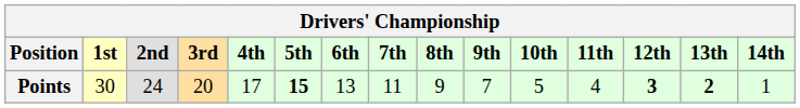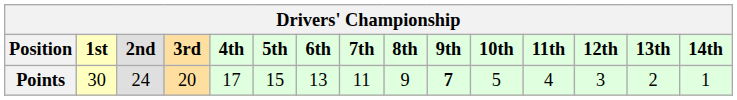 <table class="wikitable" style="font-size:85%; text-align:center">
 <tr>
 <th colspan="15">Drivers' Championship</th>
 </tr>
 <tr>
 <th>Position</th>
 <td style="background:#ffffbf;"> <strong>1st</strong> </td>
 <td style="background:#dfdfdf;"> <strong>2nd</strong> </td>
 <td style="background:#ffdf9f;"> <strong>3rd</strong> </td>
 <td style="background:#dfffdf;"> <strong>4th</strong> </td>
 <td style="background:#dfffdf;"> <strong>5th</strong> </td>
 <td style="background:#dfffdf;"> <strong>6th</strong> </td>
 <td style="background:#dfffdf;"> <strong>7th</strong> </td>
 <td style="background:#dfffdf;"> <strong>8th</strong> </td>
 <td style="background:#dfffdf;"> <strong>9th</strong> </td>
 <td style="background:#dfffdf;"> <strong>10th</strong> </td>
 <td style="background:#dfffdf;"> <strong>11th</strong> </td>
 <td style="background:#dfffdf;"> <strong>12th</strong> </td>
 <td style="background:#dfffdf;"> <strong>13th</strong> </td>
 <td style="background:#dfffdf;"> <strong>14th</strong> </td>
 </tr>
 <tr>
 <th>Points</th>
 <td style="background:#ffffbf;">30</td>
 <td style="background:#dfdfdf;">24</td>
 <td style="background:#ffdf9f;">20</td>
 <td style="background:#dfffdf;">17</td>
-<td style="background:#dfffdf;"><strong>15</strong></td>
+<td style="background:#dfffdf;">15</td>
 <td style="background:#dfffdf;">13</td>
 <td style="background:#dfffdf;">11</td>
 <td style="background:#dfffdf;">9</td>
-<td style="background:#dfffdf;">7</td>
+<td style="background:#dfffdf;"><strong>7</strong></td>
 <td style="background:#dfffdf;">5</td>
 <td style="background:#dfffdf;">4</td>
-<td style="background:#dfffdf;"><strong>3</strong></td>
-<td style="background:#dfffdf;"><strong>2</strong></td>
+<td style="background:#dfffdf;">3</td>
+<td style="background:#dfffdf;">2</td>
 <td style="background:#dfffdf;">1</td>
 </tr>
 </table>
